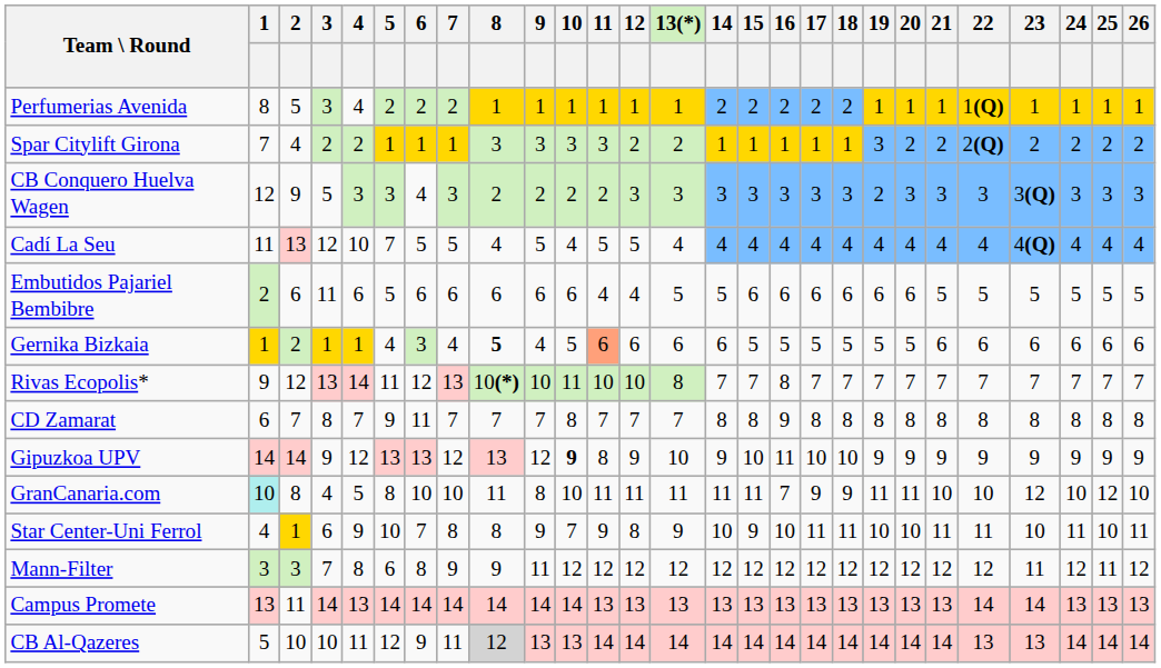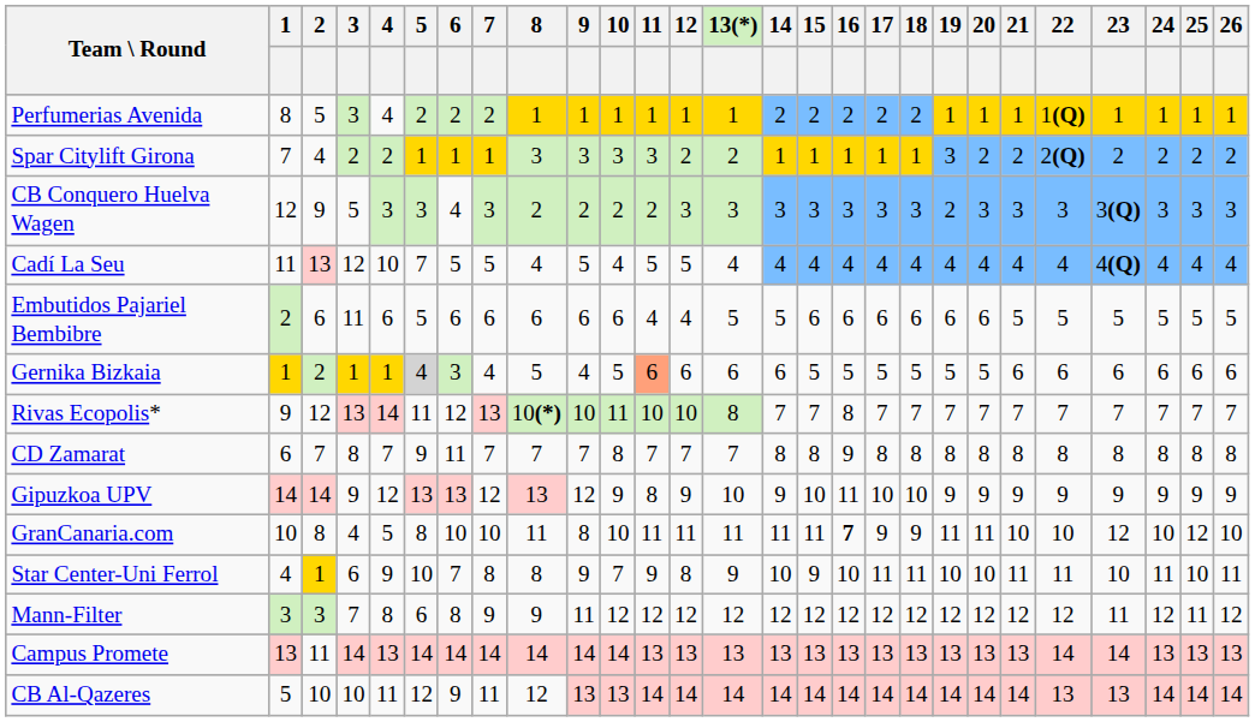 <table class="wikitable sortable" style="font-size: 74%; text-align:center;">
 <tr>
 <th rowspan="2" style="width:130px;">Team \ Round</th>
 <th align=center>1</th>
 <th align=center>2</th>
 <th align=center>3</th>
 <th align=center>4</th>
 <th align=center>5</th>
 <th align=center>6</th>
 <th align=center>7</th>
 <th align=center>8</th>
 <th align=center>9</th>
 <th align=center>10</th>
 <th align=center>11</th>
 <th align=center>12</th>
 <th style="background:#D0F0C0;align=center">13<strong>(*)</strong></th>
 <th align=center>14</th>
 <th align=center>15</th>
 <th align=center>16</th>
 <th align=center>17</th>
 <th align=center>18</th>
 <th align=center>19</th>
 <th align=center>20</th>
 <th align=center>21</th>
 <th align=center>22</th>
 <th align=center>23</th>
 <th align=center>24</th>
 <th align=center>25</th>
 <th align=center>26</th>
 </tr>
 <tr>
 <th style="text-align:center; height:20px;"></th>
 <th align=center></th>
 <th align=center></th>
 <th align=center></th>
 <th align=center></th>
 <th align=center></th>
 <th align=center></th>
 <th align=center></th>
 <th align=center></th>
 <th align=center></th>
 <th align=center></th>
 <th align=center></th>
 <th align=center></th>
 <th align=center></th>
 <th align=center></th>
 <th align=center></th>
 <th align=center></th>
 <th align=center></th>
 <th align=center></th>
 <th align=center></th>
 <th align=center></th>
 <th align=center></th>
 <th align=center></th>
 <th align=center></th>
 <th align=center></th>
 <th align=center></th>
 </tr>
 <tr align=center>
 <td align=left><a href='#'>Perfumerias Avenida</a></td>
 <td>8</td>
 <td>5</td>
 <td style="background:#D0F0C0">3</td>
 <td>4</td>
 <td style="background:#D0F0C0">2</td>
 <td style="background:#D0F0C0">2</td>
 <td style="background:#D0F0C0">2</td>
 <td style="background:gold;">1</td>
 <td style="background:gold;">1</td>
 <td style="background:gold;">1</td>
 <td style="background:gold;">1</td>
 <td style="background:gold;">1</td>
 <td style="background:gold;">1</td>
 <td style="background:#79bdff">2</td>
 <td style="background:#79bdff">2</td>
 <td style="background:#79bdff">2</td>
 <td style="background:#79bdff">2</td>
 <td style="background:#79bdff">2</td>
 <td style="background:gold;">1</td>
 <td style="background:gold;">1</td>
 <td style="background:gold;">1</td>
 <td style="background:gold;">1<strong>(Q)</strong></td>
 <td style="background:gold;">1</td>
 <td style="background:gold;">1</td>
 <td style="background:gold;">1</td>
 <td style="background:gold;">1</td>
 </tr>
 <tr align=center>
 <td align=left><a href='#'>Spar Citylift Girona</a></td>
 <td>7</td>
 <td>4</td>
 <td style="background:#D0F0C0">2</td>
 <td style="background:#D0F0C0">2</td>
 <td style="background:gold;">1</td>
 <td style="background:gold;">1</td>
 <td style="background:gold;">1</td>
 <td style="background:#D0F0C0">3</td>
 <td style="background:#D0F0C0">3</td>
 <td style="background:#D0F0C0">3</td>
 <td style="background:#D0F0C0">3</td>
 <td style="background:#D0F0C0">2</td>
 <td style="background:#D0F0C0">2</td>
 <td style="background:gold;">1</td>
 <td style="background:gold;">1</td>
 <td style="background:gold;">1</td>
 <td style="background:gold;">1</td>
 <td style="background:gold;">1</td>
 <td style="background:#79bdff">3</td>
 <td style="background:#79bdff">2</td>
 <td style="background:#79bdff">2</td>
 <td style="background:#79bdff">2<strong>(Q)</strong></td>
 <td style="background:#79bdff">2</td>
 <td style="background:#79bdff">2</td>
 <td style="background:#79bdff">2</td>
 <td style="background:#79bdff">2</td>
 </tr>
 <tr align=center>
 <td align=left><a href='#'>CB Conquero Huelva Wagen</a></td>
 <td>12</td>
 <td>9</td>
 <td>5</td>
 <td style="background:#D0F0C0">3</td>
 <td style="background:#D0F0C0">3</td>
 <td>4</td>
 <td style="background:#D0F0C0">3</td>
 <td style="background:#D0F0C0">2</td>
 <td style="background:#D0F0C0">2</td>
 <td style="background:#D0F0C0">2</td>
 <td style="background:#D0F0C0">2</td>
 <td style="background:#D0F0C0">3</td>
 <td style="background:#D0F0C0">3</td>
 <td style="background:#79bdff">3</td>
 <td style="background:#79bdff">3</td>
 <td style="background:#79bdff">3</td>
 <td style="background:#79bdff">3</td>
 <td style="background:#79bdff">3</td>
 <td style="background:#79bdff">2</td>
 <td style="background:#79bdff">3</td>
 <td style="background:#79bdff">3</td>
 <td style="background:#79bdff">3</td>
 <td style="background:#79bdff">3<strong>(Q)</strong></td>
 <td style="background:#79bdff">3</td>
 <td style="background:#79bdff">3</td>
 <td style="background:#79bdff">3</td>
 </tr>
 <tr align=center>
 <td align=left><a href='#'>Cadí La Seu</a></td>
 <td>11</td>
 <td style="background:#fcc">13</td>
 <td>12</td>
 <td>10</td>
 <td>7</td>
 <td>5</td>
 <td>5</td>
 <td>4</td>
 <td>5</td>
 <td>4</td>
 <td>5</td>
 <td>5</td>
 <td>4</td>
 <td style="background:#79bdff">4</td>
 <td style="background:#79bdff">4</td>
 <td style="background:#79bdff">4</td>
 <td style="background:#79bdff">4</td>
 <td style="background:#79bdff">4</td>
 <td style="background:#79bdff">4</td>
 <td style="background:#79bdff">4</td>
 <td style="background:#79bdff">4</td>
 <td style="background:#79bdff">4</td>
 <td style="background:#79bdff">4<strong>(Q)</strong></td>
 <td style="background:#79bdff">4</td>
 <td style="background:#79bdff">4</td>
 <td style="background:#79bdff">4</td>
 </tr>
 <tr align=center>
 <td align=left><a href='#'>Embutidos Pajariel Bembibre</a></td>
 <td style="background:#D0F0C0">2</td>
 <td>6</td>
 <td>11</td>
 <td>6</td>
 <td>5</td>
 <td>6</td>
 <td>6</td>
 <td>6</td>
 <td>6</td>
 <td>6</td>
 <td>4</td>
 <td>4</td>
 <td>5</td>
 <td>5</td>
 <td>6</td>
 <td>6</td>
 <td>6</td>
 <td>6</td>
 <td>6</td>
 <td>6</td>
 <td>5</td>
 <td>5</td>
 <td>5</td>
 <td>5</td>
 <td>5</td>
 <td>5</td>
 </tr>
 <tr align=center>
 <td align=left><a href='#'>Gernika Bizkaia</a></td>
 <td style="background:gold;">1</td>
 <td style="background:#D0F0C0">2</td>
 <td style="background:gold;">1</td>
 <td style="background:gold;">1</td>
-<td>4</td>
+<td style="background: lightgrey;">4</td>
 <td style="background:#D0F0C0">3</td>
 <td>4</td>
-<td><strong>5</strong></td>
+<td>5</td>
 <td>4</td>
 <td>5</td>
 <td style="background: lightsalmon;">6</td>
 <td>6</td>
 <td>6</td>
 <td>6</td>
 <td>5</td>
 <td>5</td>
 <td>5</td>
 <td>5</td>
 <td>5</td>
 <td>5</td>
 <td>6</td>
 <td>6</td>
 <td>6</td>
 <td>6</td>
 <td>6</td>
 <td>6</td>
 </tr>
 <tr align=center>
 <td align=left><a href='#'>Rivas Ecopolis</a>*</td>
 <td>9</td>
 <td>12</td>
 <td style="background:#fcc">13</td>
 <td style="background:#fcc">14</td>
 <td>11</td>
 <td>12</td>
 <td style="background:#fcc">13</td>
 <td style="background:#D0F0C0">10<strong>(*)</strong></td>
 <td style="background:#D0F0C0">10</td>
 <td style="background:#D0F0C0">11</td>
 <td style="background:#D0F0C0">10</td>
 <td style="background:#D0F0C0">10</td>
 <td style="background:#D0F0C0">8</td>
 <td>7</td>
 <td>7</td>
 <td>8</td>
 <td>7</td>
 <td>7</td>
 <td>7</td>
 <td>7</td>
 <td>7</td>
 <td>7</td>
 <td>7</td>
 <td>7</td>
 <td>7</td>
 <td>7</td>
 </tr>
 <tr align=center>
 <td align=left><a href='#'>CD Zamarat</a></td>
 <td>6</td>
 <td>7</td>
 <td>8</td>
 <td>7</td>
 <td>9</td>
 <td>11</td>
 <td>7</td>
 <td>7</td>
 <td>7</td>
 <td>8</td>
 <td>7</td>
 <td>7</td>
 <td>7</td>
 <td>8</td>
 <td>8</td>
 <td>9</td>
 <td>8</td>
 <td>8</td>
 <td>8</td>
 <td>8</td>
 <td>8</td>
 <td>8</td>
 <td>8</td>
 <td>8</td>
 <td>8</td>
 <td>8</td>
 </tr>
 <tr align=center>
 <td align=left><a href='#'>Gipuzkoa UPV</a></td>
 <td style="background:#fcc">14</td>
 <td style="background:#fcc">14</td>
 <td>9</td>
 <td>12</td>
 <td style="background:#fcc">13</td>
 <td style="background:#fcc">13</td>
 <td>12</td>
 <td style="background:#fcc">13</td>
 <td>12</td>
-<td><strong>9</strong></td>
+<td>9</td>
 <td>8</td>
 <td>9</td>
 <td>10</td>
 <td>9</td>
 <td>10</td>
 <td>11</td>
 <td>10</td>
 <td>10</td>
 <td>9</td>
 <td>9</td>
 <td>9</td>
 <td>9</td>
 <td>9</td>
 <td>9</td>
 <td>9</td>
 <td>9</td>
 </tr>
 <tr align=center>
 <td align=left><a href='#'>GranCanaria.com</a></td>
-<td style="background: paleturquoise;">10</td>
+<td>10</td>
 <td>8</td>
 <td>4</td>
 <td>5</td>
 <td>8</td>
 <td>10</td>
 <td>10</td>
 <td>11</td>
 <td>8</td>
 <td>10</td>
 <td>11</td>
 <td>11</td>
 <td>11</td>
 <td>11</td>
 <td>11</td>
-<td>7</td>
+<td><strong>7</strong></td>
 <td>9</td>
 <td>9</td>
 <td>11</td>
 <td>11</td>
 <td>10</td>
 <td>10</td>
 <td>12</td>
 <td>10</td>
 <td>12</td>
 <td>10</td>
 </tr>
 <tr align=center>
 <td align=left><a href='#'>Star Center-Uni Ferrol</a></td>
 <td>4</td>
 <td style="background:gold;">1</td>
 <td>6</td>
 <td>9</td>
 <td>10</td>
 <td>7</td>
 <td>8</td>
 <td>8</td>
 <td>9</td>
 <td>7</td>
 <td>9</td>
 <td>8</td>
 <td>9</td>
 <td>10</td>
 <td>9</td>
 <td>10</td>
 <td>11</td>
 <td>11</td>
 <td>10</td>
 <td>10</td>
 <td>11</td>
 <td>11</td>
 <td>10</td>
 <td>11</td>
 <td>10</td>
 <td>11</td>
 </tr>
 <tr align=center>
 <td align=left><a href='#'>Mann-Filter</a></td>
 <td style="background:#D0F0C0">3</td>
 <td style="background:#D0F0C0">3</td>
 <td>7</td>
 <td>8</td>
 <td>6</td>
 <td>8</td>
 <td>9</td>
 <td>9</td>
 <td>11</td>
 <td>12</td>
 <td>12</td>
 <td>12</td>
 <td>12</td>
 <td>12</td>
 <td>12</td>
 <td>12</td>
 <td>12</td>
 <td>12</td>
 <td>12</td>
 <td>12</td>
 <td>12</td>
 <td>12</td>
 <td>11</td>
 <td>12</td>
 <td>11</td>
 <td>12</td>
 </tr>
 <tr align=center>
 <td align=left><a href='#'>Campus Promete</a></td>
 <td style="background:#fcc">13</td>
 <td>11</td>
 <td style="background:#fcc">14</td>
 <td style="background:#fcc">13</td>
 <td style="background:#fcc">14</td>
 <td style="background:#fcc">14</td>
 <td style="background:#fcc">14</td>
 <td style="background:#fcc">14</td>
 <td style="background:#fcc">14</td>
 <td style="background:#fcc">14</td>
 <td style="background:#fcc">13</td>
 <td style="background:#fcc">13</td>
 <td style="background:#fcc">13</td>
 <td style="background:#fcc">13</td>
 <td style="background:#fcc">13</td>
 <td style="background:#fcc">13</td>
 <td style="background:#fcc">13</td>
 <td style="background:#fcc">13</td>
 <td style="background:#fcc">13</td>
 <td style="background:#fcc">13</td>
 <td style="background:#fcc">13</td>
 <td style="background:#fcc">14</td>
 <td style="background:#fcc">14</td>
 <td style="background:#fcc">13</td>
 <td style="background:#fcc">13</td>
 <td style="background:#fcc">13</td>
 </tr>
 <tr align=center>
 <td align=left><a href='#'>CB Al-Qazeres</a></td>
 <td>5</td>
 <td>10</td>
 <td>10</td>
 <td>11</td>
 <td>12</td>
 <td>9</td>
 <td>11</td>
-<td style="background: lightgrey;">12</td>
+<td>12</td>
 <td style="background:#fcc">13</td>
 <td style="background:#fcc">13</td>
 <td style="background:#fcc">14</td>
 <td style="background:#fcc">14</td>
 <td style="background:#fcc">14</td>
 <td style="background:#fcc">14</td>
 <td style="background:#fcc">14</td>
 <td style="background:#fcc">14</td>
 <td style="background:#fcc">14</td>
 <td style="background:#fcc">14</td>
 <td style="background:#fcc">14</td>
 <td style="background:#fcc">14</td>
 <td style="background:#fcc">14</td>
 <td style="background:#fcc">13</td>
 <td style="background:#fcc">13</td>
 <td style="background:#fcc">14</td>
 <td style="background:#fcc">14</td>
 <td style="background:#fcc">14</td>
 </tr>
 </table>
